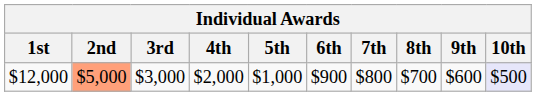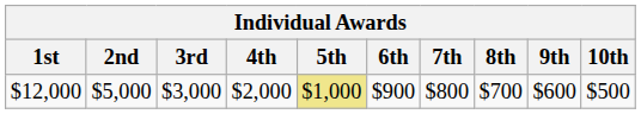 <table class="wikitable">
 <tr>
 <th colspan=10 scope="col">Individual Awards</th>
 </tr>
 <tr>
 <th scope="col">1st</th>
 <th scope="col">2nd</th>
 <th scope="col">3rd</th>
 <th scope="col">4th</th>
 <th scope="col">5th</th>
 <th scope="col">6th</th>
 <th scope="col">7th</th>
 <th scope="col">8th</th>
 <th scope="col">9th</th>
 <th scope="col">10th</th>
 </tr>
 <tr>
 <td>$12,000</td>
-<td style="background: lightsalmon;">$5,000</td>
+<td>$5,000</td>
 <td>$3,000</td>
 <td>$2,000</td>
-<td>$1,000</td>
+<td style="background: khaki;">$1,000</td>
 <td>$900</td>
 <td>$800</td>
 <td>$700</td>
 <td>$600</td>
-<td style="background: lavender;">$500</td>
+<td>$500</td>
 </tr>
 </table>
